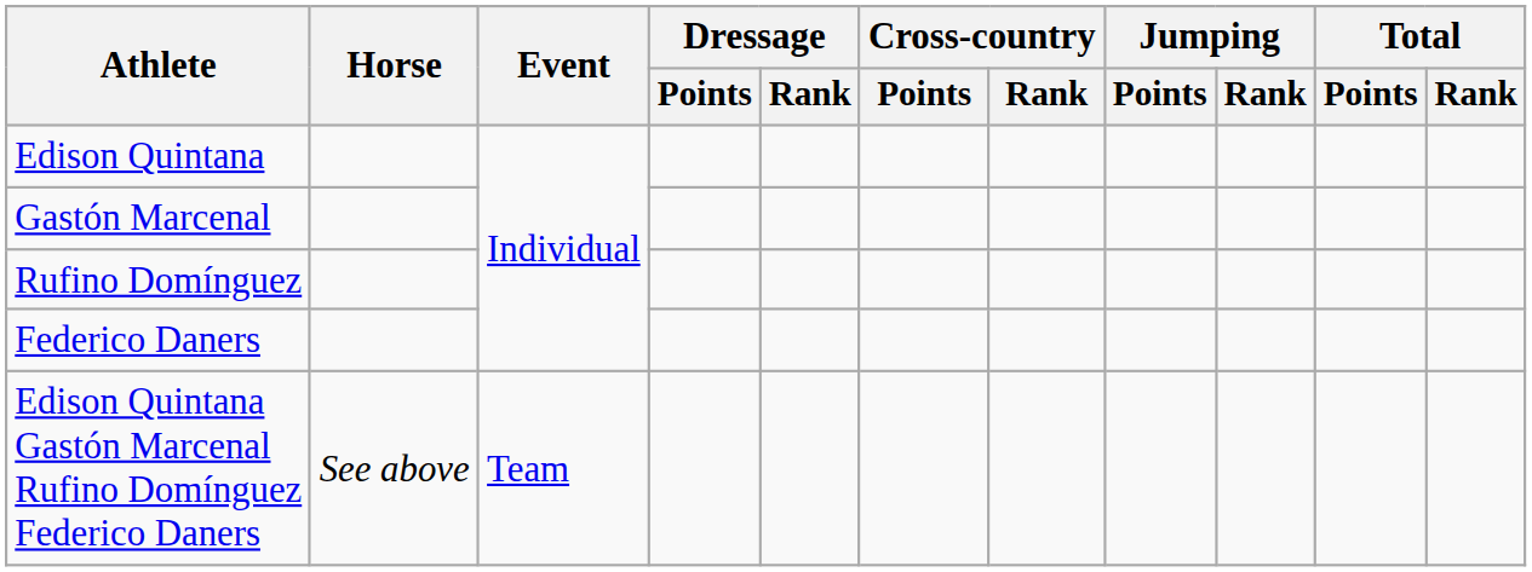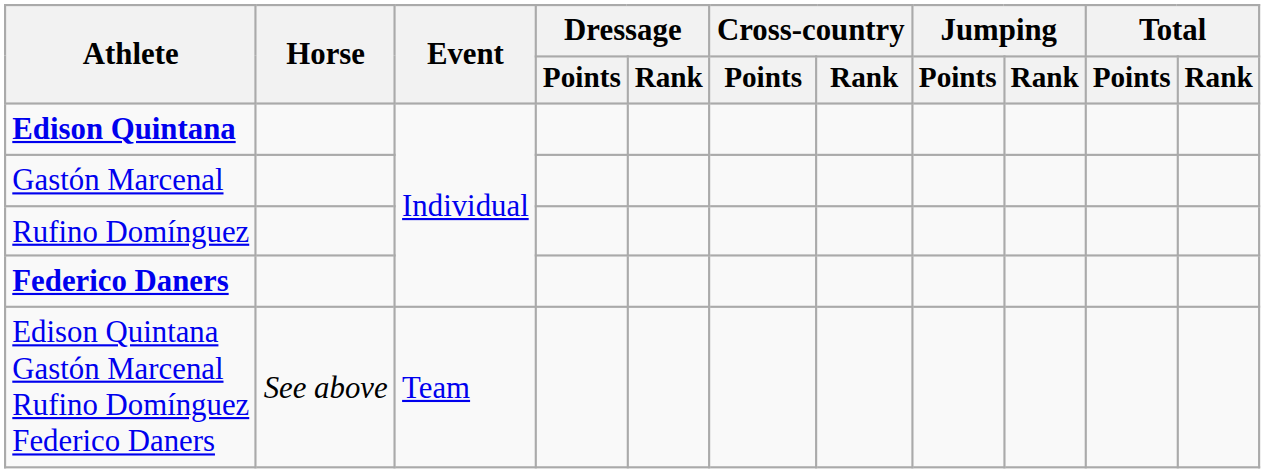 <table class=wikitable style=font-size:90%;text-align:center>
 <tr>
 <th rowspan=2>Athlete</th>
 <th rowspan=2>Horse</th>
 <th rowspan=2>Event</th>
 <th colspan=2>Dressage</th>
 <th colspan=2>Cross-country</th>
 <th colspan=2>Jumping</th>
 <th colspan=2>Total</th>
 </tr>
 <tr style=font-size:95%>
 <th>Points</th>
 <th>Rank</th>
 <th>Points</th>
 <th>Rank</th>
 <th>Points</th>
 <th>Rank</th>
 <th>Points</th>
 <th>Rank</th>
 </tr>
 <tr>
-<td align=left><a href='#'>Edison Quintana</a></td>
+<td align=left><strong><a href='#'>Edison Quintana</a></strong></td>
 <td align=left></td>
 <td align=left rowspan=4><a href='#'>Individual</a></td>
 <td></td>
 <td></td>
 <td></td>
 <td></td>
 <td></td>
 <td></td>
 <td></td>
 <td></td>
 </tr>
 <tr>
 <td align=left><a href='#'>Gastón Marcenal</a></td>
 <td align=left></td>
 <td></td>
 <td></td>
 <td></td>
 <td></td>
 <td></td>
 <td></td>
 <td></td>
 <td></td>
 </tr>
 <tr>
 <td align=left><a href='#'>Rufino Domínguez</a></td>
 <td align=left></td>
 <td></td>
 <td></td>
 <td></td>
 <td></td>
 <td></td>
 <td></td>
 <td></td>
 <td></td>
 </tr>
 <tr>
-<td align=left><a href='#'>Federico Daners</a></td>
+<td align=left><strong><a href='#'>Federico Daners</a></strong></td>
 <td align=left></td>
 <td></td>
 <td></td>
 <td></td>
 <td></td>
 <td></td>
 <td></td>
 <td></td>
 <td></td>
 </tr>
 <tr>
 <td align=left><a href='#'>Edison Quintana</a><br><a href='#'>Gastón Marcenal</a><br><a href='#'>Rufino Domínguez</a><br><a href='#'>Federico Daners</a></td>
 <td align=left><em>See above</em></td>
 <td align=left><a href='#'>Team</a></td>
 <td></td>
 <td></td>
 <td></td>
 <td></td>
 <td></td>
 <td></td>
 <td></td>
 <td></td>
 </tr>
 </table>
